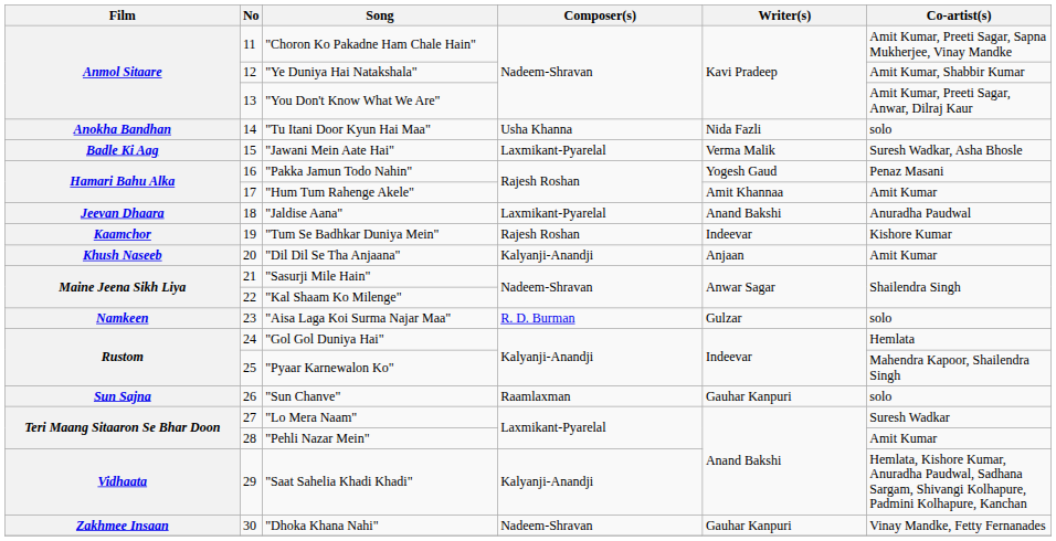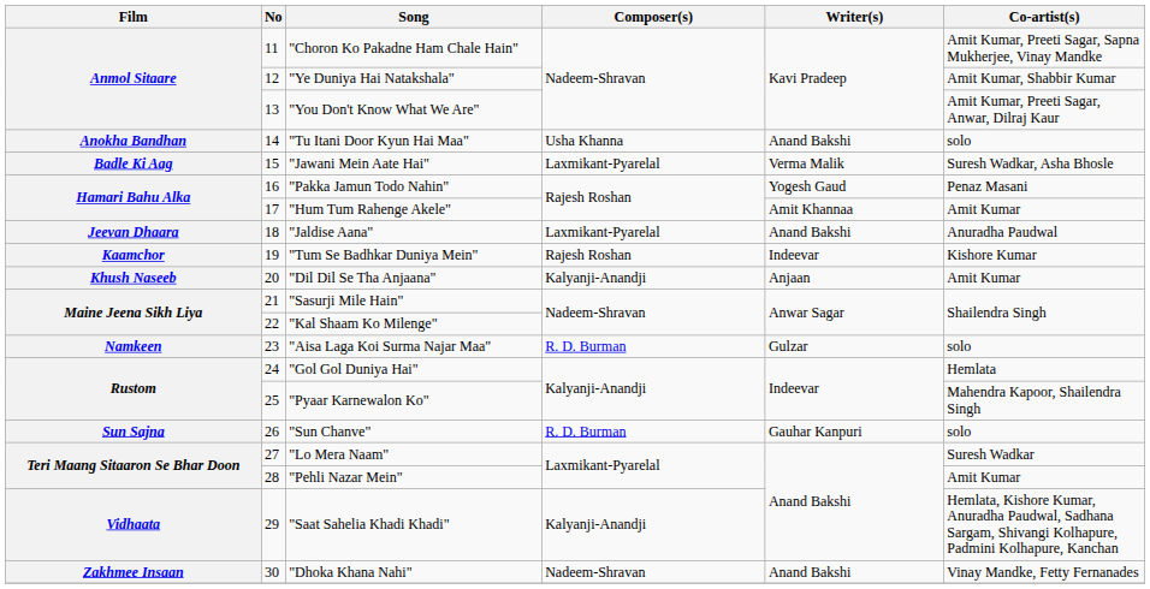 <table class="wikitable plainrowheaders" width="100%" textcolor:#000;">
 <tr style="background:#b0e0e66;">
 <th scope="col" width=23%><strong>Film</strong></th>
 <th><strong>No</strong></th>
 <th scope="col" width=23%><strong>Song</strong></th>
 <th scope="col" width=20%><strong>Composer(s)</strong></th>
 <th scope="col" width=16%><strong>Writer(s)</strong></th>
 <th scope="col" width=18%><strong>Co-artist(s)</strong></th>
 </tr>
 <tr>
 <th rowspan="3"><em><a href='#'>Anmol Sitaare</a></em></th>
 <td>11</td>
 <td>"Choron Ko Pakadne Ham Chale Hain"</td>
 <td rowspan="3">Nadeem-Shravan</td>
 <td rowspan="3">Kavi Pradeep</td>
 <td>Amit Kumar, Preeti Sagar, Sapna Mukherjee, Vinay Mandke</td>
 </tr>
 <tr>
 <td>12</td>
 <td>"Ye Duniya Hai Natakshala"</td>
 <td>Amit Kumar, Shabbir Kumar</td>
 </tr>
 <tr>
 <td>13</td>
 <td>"You Don't Know What We Are"</td>
 <td>Amit Kumar, Preeti Sagar, Anwar, Dilraj Kaur</td>
 </tr>
 <tr>
 <th><em><a href='#'>Anokha Bandhan</a></em></th>
 <td>14</td>
 <td>"Tu Itani Door Kyun Hai Maa"</td>
 <td>Usha Khanna</td>
-<td>Nida Fazli</td>
+<td>Anand Bakshi</td>
 <td>solo</td>
 </tr>
 <tr>
 <th><em><a href='#'>Badle Ki Aag</a></em></th>
 <td>15</td>
 <td>"Jawani Mein Aate Hai"</td>
 <td>Laxmikant-Pyarelal</td>
 <td>Verma Malik</td>
 <td>Suresh Wadkar, Asha Bhosle</td>
 </tr>
 <tr>
 <th rowspan="2"><em><a href='#'>Hamari Bahu Alka</a></em></th>
 <td>16</td>
 <td>"Pakka Jamun Todo Nahin"</td>
 <td rowspan="2">Rajesh Roshan</td>
 <td>Yogesh Gaud</td>
 <td>Penaz Masani</td>
 </tr>
 <tr>
 <td>17</td>
 <td>"Hum Tum Rahenge Akele"</td>
 <td>Amit Khannaa</td>
 <td>Amit Kumar</td>
 </tr>
 <tr>
 <th><em><a href='#'>Jeevan Dhaara</a></em></th>
 <td>18</td>
 <td>"Jaldise Aana"</td>
 <td>Laxmikant-Pyarelal</td>
 <td>Anand Bakshi</td>
 <td>Anuradha Paudwal</td>
 </tr>
 <tr>
 <th><em><a href='#'>Kaamchor</a></em></th>
 <td>19</td>
 <td>"Tum Se Badhkar Duniya Mein"</td>
 <td>Rajesh Roshan</td>
 <td>Indeevar</td>
 <td>Kishore Kumar</td>
 </tr>
 <tr>
 <th><em><a href='#'>Khush Naseeb</a></em></th>
 <td>20</td>
 <td>"Dil Dil Se Tha Anjaana"</td>
 <td>Kalyanji-Anandji</td>
 <td>Anjaan</td>
 <td>Amit Kumar</td>
 </tr>
 <tr>
 <th rowspan=2><em>Maine Jeena Sikh Liya</em></th>
 <td>21</td>
 <td>"Sasurji Mile Hain"</td>
 <td rowspan=2>Nadeem-Shravan</td>
 <td rowspan=2>Anwar Sagar</td>
 <td rowspan=2>Shailendra Singh</td>
 </tr>
 <tr>
 <td>22</td>
 <td>"Kal Shaam Ko Milenge"</td>
 </tr>
 <tr>
 <th><em><a href='#'>Namkeen</a></em></th>
 <td>23</td>
 <td>"Aisa Laga Koi Surma Najar Maa"</td>
 <td><a href='#'>R. D. Burman</a></td>
 <td>Gulzar</td>
 <td>solo</td>
 </tr>
 <tr>
 <th rowspan=2><em>Rustom</em></th>
 <td>24</td>
 <td>"Gol Gol Duniya Hai"</td>
 <td rowspan=2>Kalyanji-Anandji</td>
 <td rowspan=2>Indeevar</td>
 <td>Hemlata</td>
 </tr>
 <tr>
 <td>25</td>
 <td>"Pyaar Karnewalon Ko"</td>
 <td>Mahendra Kapoor, Shailendra Singh</td>
 </tr>
 <tr>
 <th><em><a href='#'>Sun Sajna</a></em></th>
 <td>26</td>
 <td>"Sun Chanve"</td>
-<td>Raamlaxman</td>
+<td><a href='#'>R. D. Burman</a></td>
 <td>Gauhar Kanpuri</td>
 <td>solo</td>
 </tr>
 <tr>
 <th rowspan=2><em>Teri Maang Sitaaron Se Bhar Doon</em></th>
 <td>27</td>
 <td>"Lo Mera Naam"</td>
 <td rowspan=2>Laxmikant-Pyarelal</td>
 <td rowspan=3>Anand Bakshi</td>
 <td>Suresh Wadkar</td>
 </tr>
 <tr>
 <td>28</td>
 <td>"Pehli Nazar Mein"</td>
 <td>Amit Kumar</td>
 </tr>
 <tr>
 <th><em><a href='#'>Vidhaata</a></em></th>
 <td>29</td>
 <td>"Saat Sahelia Khadi Khadi"</td>
 <td>Kalyanji-Anandji</td>
 <td>Hemlata, Kishore Kumar, Anuradha Paudwal, Sadhana Sargam, Shivangi Kolhapure, Padmini Kolhapure, Kanchan</td>
 </tr>
 <tr>
 <th><em><a href='#'>Zakhmee Insaan</a></em></th>
 <td>30</td>
 <td>"Dhoka Khana Nahi"</td>
 <td>Nadeem-Shravan</td>
-<td>Gauhar Kanpuri</td>
+<td>Anand Bakshi</td>
 <td>Vinay Mandke, Fetty Fernanades</td>
 </tr>
 <tr>
 </tr>
 </table>
